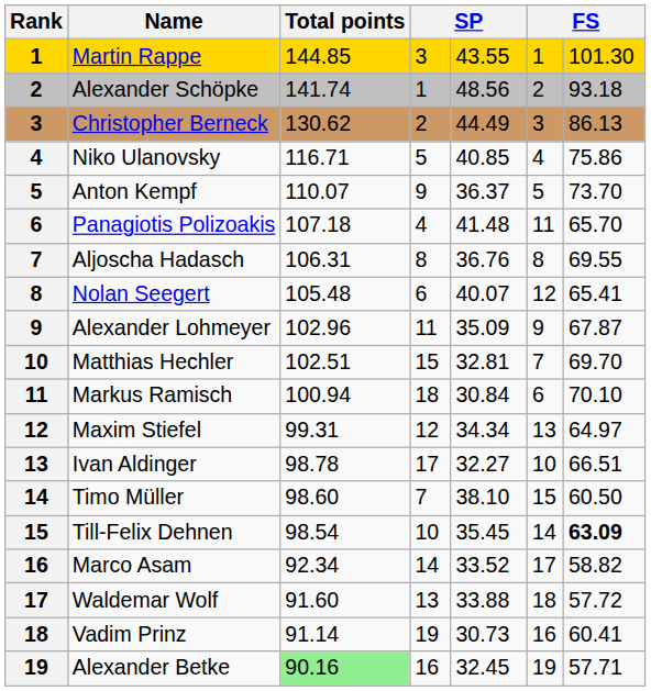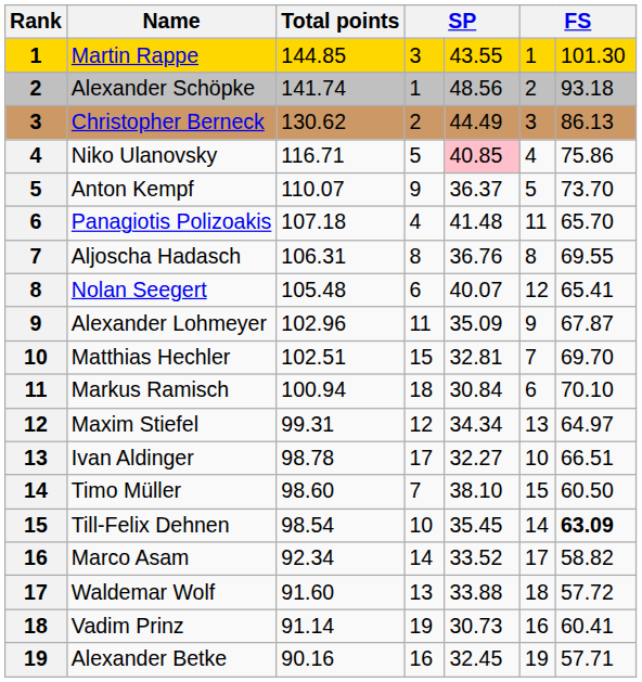 <table class="wikitable sortable">
 <tr>
 <th>Rank</th>
 <th>Name</th>
 <th>Total points</th>
 <th colspan="2" width="80px"><a href='#'>SP</a></th>
 <th colspan="2" width="80px"><a href='#'>FS</a></th>
 </tr>
 <tr bgcolor="gold">
 <td align="center"><strong>1</strong></td>
 <td><a href='#'>Martin Rappe</a></td>
 <td>144.85</td>
 <td>3</td>
 <td>43.55</td>
 <td>1</td>
 <td>101.30</td>
 </tr>
 <tr bgcolor="silver">
 <td align="center"><strong>2</strong></td>
 <td>Alexander Schöpke</td>
 <td>141.74</td>
 <td>1</td>
 <td>48.56</td>
 <td>2</td>
 <td>93.18</td>
 </tr>
 <tr bgcolor="cc9966">
 <td align="center"><strong>3</strong></td>
 <td><a href='#'>Christopher Berneck</a></td>
 <td>130.62</td>
 <td>2</td>
 <td>44.49</td>
 <td>3</td>
 <td>86.13</td>
 </tr>
 <tr>
 <th>4</th>
 <td>Niko Ulanovsky</td>
 <td>116.71</td>
 <td>5</td>
-<td>40.85</td>
+<td style="background: pink;">40.85</td>
 <td>4</td>
 <td>75.86</td>
 </tr>
 <tr>
 <th>5</th>
 <td>Anton Kempf</td>
 <td>110.07</td>
 <td>9</td>
 <td>36.37</td>
 <td>5</td>
 <td>73.70</td>
 </tr>
 <tr>
 <th>6</th>
 <td><a href='#'>Panagiotis Polizoakis</a></td>
 <td>107.18</td>
 <td>4</td>
 <td>41.48</td>
 <td>11</td>
 <td>65.70</td>
 </tr>
 <tr>
 <th>7</th>
 <td>Aljoscha Hadasch</td>
 <td>106.31</td>
 <td>8</td>
 <td>36.76</td>
 <td>8</td>
 <td>69.55</td>
 </tr>
 <tr>
 <th>8</th>
 <td><a href='#'>Nolan Seegert</a></td>
 <td>105.48</td>
 <td>6</td>
 <td>40.07</td>
 <td>12</td>
 <td>65.41</td>
 </tr>
 <tr>
 <th>9</th>
 <td>Alexander Lohmeyer</td>
 <td>102.96</td>
 <td>11</td>
 <td>35.09</td>
 <td>9</td>
 <td>67.87</td>
 </tr>
 <tr>
 <th>10</th>
 <td>Matthias Hechler</td>
 <td>102.51</td>
 <td>15</td>
 <td>32.81</td>
 <td>7</td>
 <td>69.70</td>
 </tr>
 <tr>
 <th>11</th>
 <td>Markus Ramisch</td>
 <td>100.94</td>
 <td>18</td>
 <td>30.84</td>
 <td>6</td>
 <td>70.10</td>
 </tr>
 <tr>
 <th>12</th>
 <td>Maxim Stiefel</td>
 <td>99.31</td>
 <td>12</td>
 <td>34.34</td>
 <td>13</td>
 <td>64.97</td>
 </tr>
 <tr>
 <th>13</th>
 <td>Ivan Aldinger</td>
 <td>98.78</td>
 <td>17</td>
 <td>32.27</td>
 <td>10</td>
 <td>66.51</td>
 </tr>
 <tr>
 <th>14</th>
 <td>Timo Müller</td>
 <td>98.60</td>
 <td>7</td>
 <td>38.10</td>
 <td>15</td>
 <td>60.50</td>
 </tr>
 <tr>
 <th>15</th>
 <td>Till-Felix Dehnen</td>
 <td>98.54</td>
 <td>10</td>
 <td>35.45</td>
 <td>14</td>
 <td><strong>63.09</strong></td>
 </tr>
 <tr>
 <th>16</th>
 <td>Marco Asam</td>
 <td>92.34</td>
 <td>14</td>
 <td>33.52</td>
 <td>17</td>
 <td>58.82</td>
 </tr>
 <tr>
 <th>17</th>
 <td>Waldemar Wolf</td>
 <td>91.60</td>
 <td>13</td>
 <td>33.88</td>
 <td>18</td>
 <td>57.72</td>
 </tr>
 <tr>
 <th>18</th>
 <td>Vadim Prinz</td>
 <td>91.14</td>
 <td>19</td>
 <td>30.73</td>
 <td>16</td>
 <td>60.41</td>
 </tr>
 <tr>
 <th>19</th>
 <td>Alexander Betke</td>
-<td style="background: lightgreen;">90.16</td>
+<td>90.16</td>
 <td>16</td>
 <td>32.45</td>
 <td>19</td>
 <td>57.71</td>
 </tr>
 </table>
